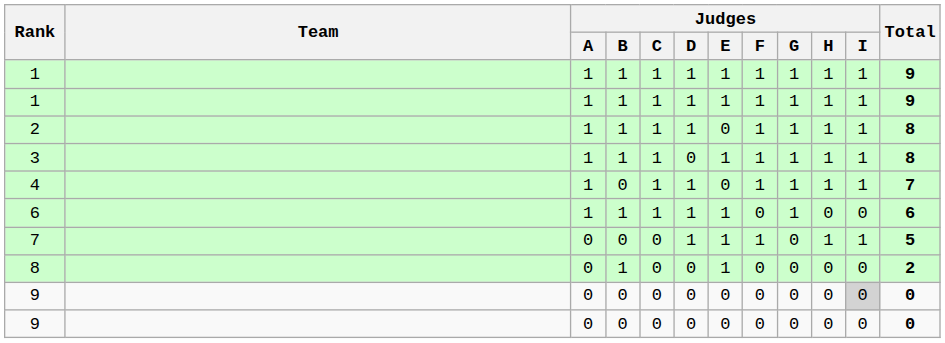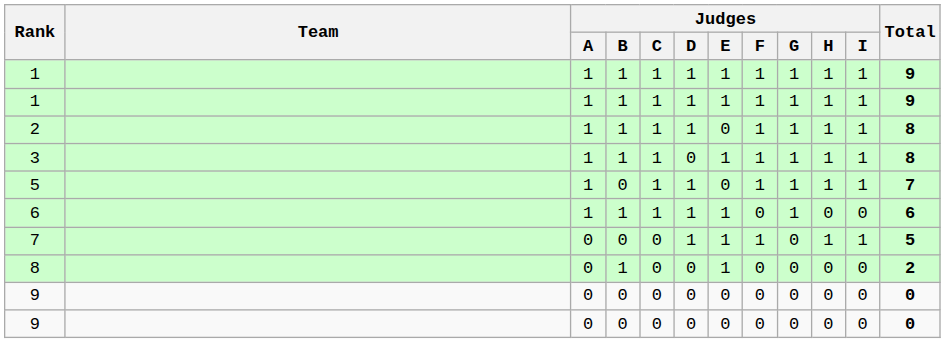 <table class=wikitable style="text-align:center">
 <tr>
 <th rowspan="2" width=40>Rank</th>
 <th rowspan="2" width=380>Team</th>
 <th colspan="9">Judges</th>
 <th rowspan="2" width=40>Total</th>
 </tr>
 <tr>
 <th width=20>A</th>
 <th width=20>B</th>
 <th width=20>C</th>
 <th width=20>D</th>
 <th width=20>E</th>
 <th width=20>F</th>
 <th width=20>G</th>
 <th width=20>H</th>
 <th width=20>I</th>
 </tr>
 <tr bgcolor="ccffcc">
 <td>1</td>
 <td align=left></td>
 <td>1</td>
 <td>1</td>
 <td>1</td>
 <td>1</td>
 <td>1</td>
 <td>1</td>
 <td>1</td>
 <td>1</td>
 <td>1</td>
 <td><strong>9</strong></td>
 </tr>
 <tr bgcolor="ccffcc">
 <td>1</td>
 <td align=left></td>
 <td>1</td>
 <td>1</td>
 <td>1</td>
 <td>1</td>
 <td>1</td>
 <td>1</td>
 <td>1</td>
 <td>1</td>
 <td>1</td>
 <td><strong>9</strong></td>
 </tr>
 <tr bgcolor="ccffcc">
 <td>2</td>
 <td align=left></td>
 <td>1</td>
 <td>1</td>
 <td>1</td>
 <td>1</td>
 <td>0</td>
 <td>1</td>
 <td>1</td>
 <td>1</td>
 <td>1</td>
 <td><strong>8</strong></td>
 </tr>
 <tr bgcolor="ccffcc">
 <td>3</td>
 <td align=left></td>
 <td>1</td>
 <td>1</td>
 <td>1</td>
 <td>0</td>
 <td>1</td>
 <td>1</td>
 <td>1</td>
 <td>1</td>
 <td>1</td>
 <td><strong>8</strong></td>
 </tr>
 <tr bgcolor="ccffcc">
-<td>4</td>
+<td>5</td>
 <td align=left></td>
 <td>1</td>
 <td>0</td>
 <td>1</td>
 <td>1</td>
 <td>0</td>
 <td>1</td>
 <td>1</td>
 <td>1</td>
 <td>1</td>
 <td><strong>7</strong></td>
 </tr>
 <tr bgcolor="ccffcc">
 <td>6</td>
 <td align=left></td>
 <td>1</td>
 <td>1</td>
 <td>1</td>
 <td>1</td>
 <td>1</td>
 <td>0</td>
 <td>1</td>
 <td>0</td>
 <td>0</td>
 <td><strong>6</strong></td>
 </tr>
 <tr bgcolor="ccffcc">
 <td>7</td>
 <td align=left></td>
 <td>0</td>
 <td>0</td>
 <td>0</td>
 <td>1</td>
 <td>1</td>
 <td>1</td>
 <td>0</td>
 <td>1</td>
 <td>1</td>
 <td><strong>5</strong></td>
 </tr>
 <tr bgcolor="ccffcc">
 <td>8</td>
 <td align=left></td>
 <td>0</td>
 <td>1</td>
 <td>0</td>
 <td>0</td>
 <td>1</td>
 <td>0</td>
 <td>0</td>
 <td>0</td>
 <td>0</td>
 <td><strong>2</strong></td>
 </tr>
 <tr>
 <td>9</td>
 <td align=left></td>
 <td>0</td>
 <td>0</td>
 <td>0</td>
 <td>0</td>
 <td>0</td>
 <td>0</td>
 <td>0</td>
 <td>0</td>
-<td style="background: lightgrey;">0</td>
+<td>0</td>
 <td><strong>0</strong></td>
 </tr>
 <tr>
 <td>9</td>
 <td align=left></td>
 <td>0</td>
 <td>0</td>
 <td>0</td>
 <td>0</td>
 <td>0</td>
 <td>0</td>
 <td>0</td>
 <td>0</td>
 <td>0</td>
 <td><strong>0</strong></td>
 </tr>
 </table>
